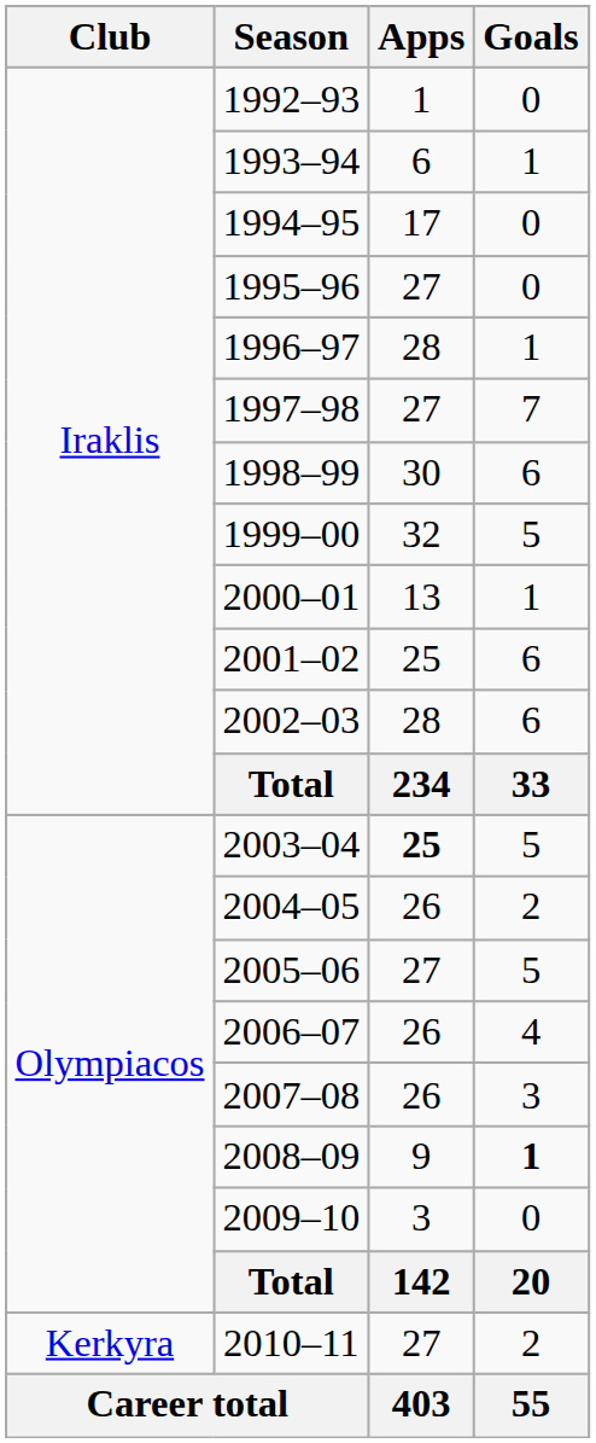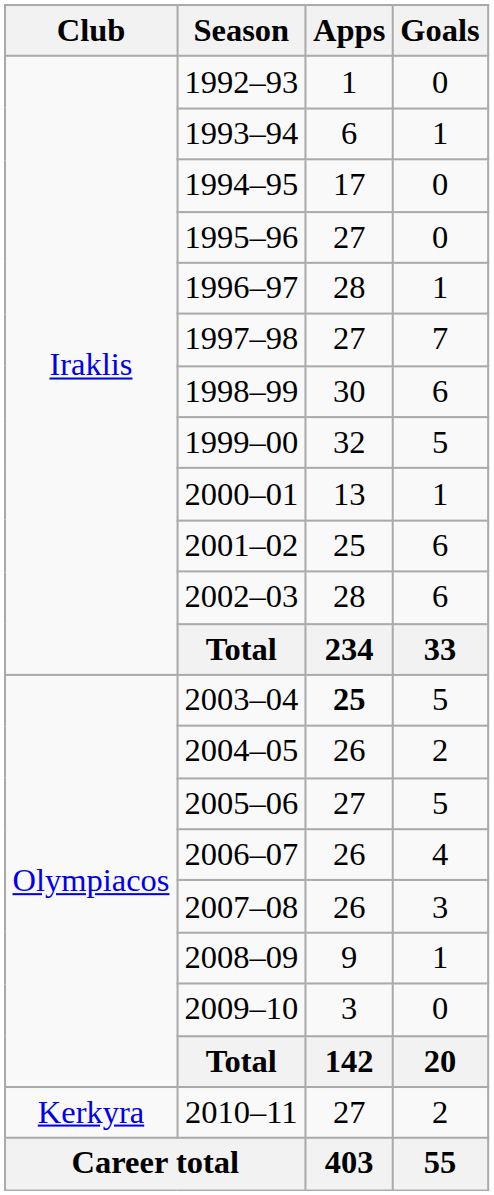 <table class="wikitable" style="text-align:center">
 <tr>
 <th>Club</th>
 <th>Season</th>
 <th>Apps</th>
 <th>Goals</th>
 </tr>
 <tr>
 <td rowspan="12"><a href='#'>Iraklis</a></td>
 <td>1992–93</td>
 <td>1</td>
 <td>0</td>
 </tr>
 <tr>
 <td>1993–94</td>
 <td>6</td>
 <td>1</td>
 </tr>
 <tr>
 <td>1994–95</td>
 <td>17</td>
 <td>0</td>
 </tr>
 <tr>
 <td>1995–96</td>
 <td>27</td>
 <td>0</td>
 </tr>
 <tr>
 <td>1996–97</td>
 <td>28</td>
 <td>1</td>
 </tr>
 <tr>
 <td>1997–98</td>
 <td>27</td>
 <td>7</td>
 </tr>
 <tr>
 <td>1998–99</td>
 <td>30</td>
 <td>6</td>
 </tr>
 <tr>
 <td>1999–00</td>
 <td>32</td>
 <td>5</td>
 </tr>
 <tr>
 <td>2000–01</td>
 <td>13</td>
 <td>1</td>
 </tr>
 <tr>
 <td>2001–02</td>
 <td>25</td>
 <td>6</td>
 </tr>
 <tr>
 <td>2002–03</td>
 <td>28</td>
 <td>6</td>
 </tr>
 <tr>
 <th>Total</th>
 <th>234</th>
 <th>33</th>
 </tr>
 <tr>
 <td rowspan="8"><a href='#'>Olympiacos</a></td>
 <td>2003–04</td>
 <td><strong>25</strong></td>
 <td>5</td>
 </tr>
 <tr>
 <td>2004–05</td>
 <td>26</td>
 <td>2</td>
 </tr>
 <tr>
 <td>2005–06</td>
 <td>27</td>
 <td>5</td>
 </tr>
 <tr>
 <td>2006–07</td>
 <td>26</td>
 <td>4</td>
 </tr>
 <tr>
 <td>2007–08</td>
 <td>26</td>
 <td>3</td>
 </tr>
 <tr>
 <td>2008–09</td>
 <td>9</td>
-<td><strong>1</strong></td>
+<td>1</td>
 </tr>
 <tr>
 <td>2009–10</td>
 <td>3</td>
 <td>0</td>
 </tr>
 <tr>
 <th>Total</th>
 <th>142</th>
 <th>20</th>
 </tr>
 <tr>
 <td><a href='#'>Kerkyra</a></td>
 <td>2010–11</td>
 <td>27</td>
 <td>2</td>
 </tr>
 <tr>
 <th colspan="2">Career total</th>
 <th>403</th>
 <th>55</th>
 </tr>
 </table>
